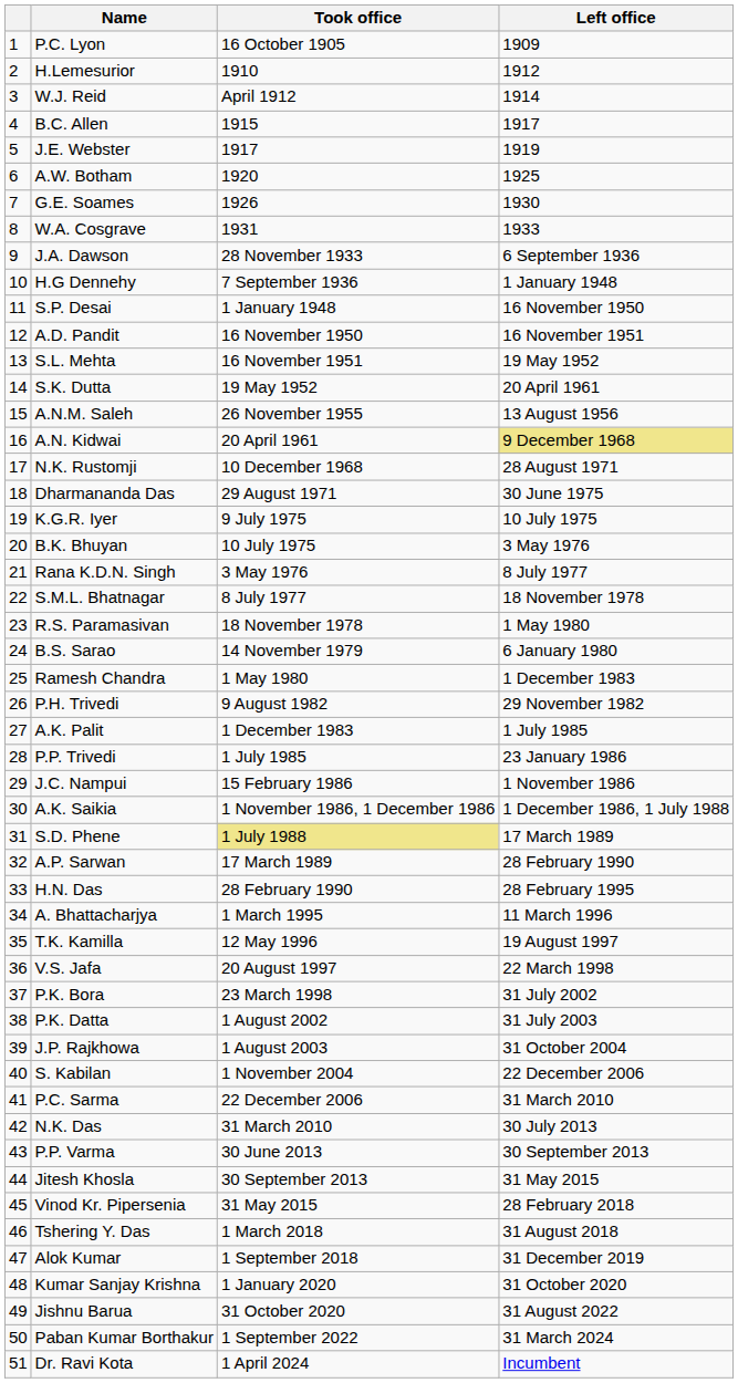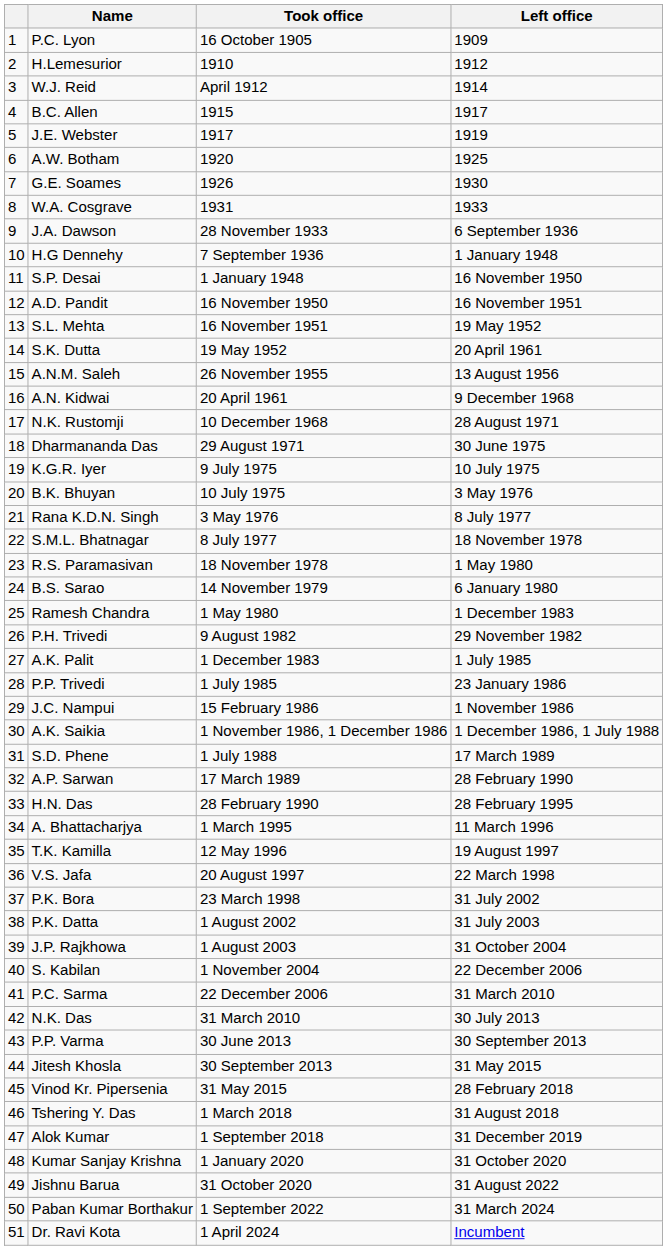 <table class="wikitable">
 <tr>
 <th></th>
 <th>Name</th>
 <th>Took office</th>
 <th>Left office</th>
 </tr>
 <tr>
 <td>1</td>
 <td>P.C. Lyon</td>
 <td>16 October 1905</td>
 <td>1909</td>
 </tr>
 <tr>
 <td>2</td>
 <td>H.Lemesurior</td>
 <td>1910</td>
 <td>1912</td>
 </tr>
 <tr>
 <td>3</td>
 <td>W.J. Reid</td>
 <td>April 1912</td>
 <td>1914</td>
 </tr>
 <tr>
 <td>4</td>
 <td>B.C. Allen</td>
 <td>1915</td>
 <td>1917</td>
 </tr>
 <tr>
 <td>5</td>
 <td>J.E. Webster</td>
 <td>1917</td>
 <td>1919</td>
 </tr>
 <tr>
 <td>6</td>
 <td>A.W. Botham</td>
 <td>1920</td>
 <td>1925</td>
 </tr>
 <tr>
 <td>7</td>
 <td>G.E. Soames</td>
 <td>1926</td>
 <td>1930</td>
 </tr>
 <tr>
 <td>8</td>
 <td>W.A. Cosgrave</td>
 <td>1931</td>
 <td>1933</td>
 </tr>
 <tr>
 <td>9</td>
 <td>J.A. Dawson</td>
 <td>28 November 1933</td>
 <td>6 September 1936</td>
 </tr>
 <tr>
 <td>10</td>
 <td>H.G Dennehy</td>
 <td>7 September 1936</td>
 <td>1 January 1948</td>
 </tr>
 <tr>
 <td>11</td>
 <td>S.P. Desai</td>
 <td>1 January 1948</td>
 <td>16 November 1950</td>
 </tr>
 <tr>
 <td>12</td>
 <td>A.D. Pandit</td>
 <td>16 November 1950</td>
 <td>16 November 1951</td>
 </tr>
 <tr>
 <td>13</td>
 <td>S.L. Mehta</td>
 <td>16 November 1951</td>
 <td>19 May 1952</td>
 </tr>
 <tr>
 <td>14</td>
 <td>S.K. Dutta</td>
 <td>19 May 1952</td>
 <td>20 April 1961</td>
 </tr>
 <tr>
 <td>15</td>
 <td>A.N.M. Saleh</td>
 <td>26 November 1955</td>
 <td>13 August 1956</td>
 </tr>
 <tr>
 <td>16</td>
 <td>A.N. Kidwai</td>
 <td>20 April 1961</td>
-<td style="background: khaki;">9 December 1968</td>
+<td>9 December 1968</td>
 </tr>
 <tr>
 <td>17</td>
 <td>N.K. Rustomji</td>
 <td>10 December 1968</td>
 <td>28 August 1971</td>
 </tr>
 <tr>
 <td>18</td>
 <td>Dharmananda Das</td>
 <td>29 August 1971</td>
 <td>30 June 1975</td>
 </tr>
 <tr>
 <td>19</td>
 <td>K.G.R. Iyer</td>
 <td>9 July 1975</td>
 <td>10 July 1975</td>
 </tr>
 <tr>
 <td>20</td>
 <td>B.K. Bhuyan</td>
 <td>10 July 1975</td>
 <td>3 May 1976</td>
 </tr>
 <tr>
 <td>21</td>
 <td>Rana K.D.N. Singh</td>
 <td>3 May 1976</td>
 <td>8 July 1977</td>
 </tr>
 <tr>
 <td>22</td>
 <td>S.M.L. Bhatnagar</td>
 <td>8 July 1977</td>
 <td>18 November 1978</td>
 </tr>
 <tr>
 <td>23</td>
 <td>R.S. Paramasivan</td>
 <td>18 November 1978</td>
 <td>1 May 1980</td>
 </tr>
 <tr>
 <td>24</td>
 <td>B.S. Sarao</td>
 <td>14 November 1979</td>
 <td>6 January 1980</td>
 </tr>
 <tr>
 <td>25</td>
 <td>Ramesh Chandra</td>
 <td>1 May 1980</td>
 <td>1 December 1983</td>
 </tr>
 <tr>
 <td>26</td>
 <td>P.H. Trivedi</td>
 <td>9 August 1982</td>
 <td>29 November 1982</td>
 </tr>
 <tr>
 <td>27</td>
 <td>A.K. Palit</td>
 <td>1 December 1983</td>
 <td>1 July 1985</td>
 </tr>
 <tr>
 <td>28</td>
 <td>P.P. Trivedi</td>
 <td>1 July 1985</td>
 <td>23 January 1986</td>
 </tr>
 <tr>
 <td>29</td>
 <td>J.C. Nampui</td>
 <td>15 February 1986</td>
 <td>1 November 1986</td>
 </tr>
 <tr>
 <td>30</td>
 <td>A.K. Saikia</td>
 <td>1 November 1986, 1 December 1986</td>
 <td>1 December 1986, 1 July 1988</td>
 </tr>
 <tr>
 <td>31</td>
 <td>S.D. Phene</td>
-<td style="background: khaki;">1 July 1988</td>
+<td>1 July 1988</td>
 <td>17 March 1989</td>
 </tr>
 <tr>
 <td>32</td>
 <td>A.P. Sarwan</td>
 <td>17 March 1989</td>
 <td>28 February 1990</td>
 </tr>
 <tr>
 <td>33</td>
 <td>H.N. Das</td>
 <td>28 February 1990</td>
 <td>28 February 1995</td>
 </tr>
 <tr>
 <td>34</td>
 <td>A. Bhattacharjya</td>
 <td>1 March 1995</td>
 <td>11 March 1996</td>
 </tr>
 <tr>
 <td>35</td>
 <td>T.K. Kamilla</td>
 <td>12 May 1996</td>
 <td>19 August 1997</td>
 </tr>
 <tr>
 <td>36</td>
 <td>V.S. Jafa</td>
 <td>20 August 1997</td>
 <td>22 March 1998</td>
 </tr>
 <tr>
 <td>37</td>
 <td>P.K. Bora</td>
 <td>23 March 1998</td>
 <td>31 July 2002</td>
 </tr>
 <tr>
 <td>38</td>
 <td>P.K. Datta</td>
 <td>1 August 2002</td>
 <td>31 July 2003</td>
 </tr>
 <tr>
 <td>39</td>
 <td>J.P. Rajkhowa</td>
 <td>1 August 2003</td>
 <td>31 October 2004</td>
 </tr>
 <tr>
 <td>40</td>
 <td>S. Kabilan</td>
 <td>1 November 2004</td>
 <td>22 December 2006</td>
 </tr>
 <tr>
 <td>41</td>
 <td>P.C. Sarma</td>
 <td>22 December 2006</td>
 <td>31 March 2010</td>
 </tr>
 <tr>
 <td>42</td>
 <td>N.K. Das</td>
 <td>31 March 2010</td>
 <td>30 July 2013</td>
 </tr>
 <tr>
 <td>43</td>
 <td>P.P. Varma</td>
 <td>30 June 2013</td>
 <td>30 September 2013</td>
 </tr>
 <tr>
 <td>44</td>
 <td>Jitesh Khosla</td>
 <td>30 September 2013</td>
 <td>31 May 2015</td>
 </tr>
 <tr>
 <td>45</td>
 <td>Vinod Kr. Pipersenia</td>
 <td>31 May 2015</td>
 <td>28 February 2018</td>
 </tr>
 <tr>
 <td>46</td>
 <td>Tshering Y. Das</td>
 <td>1 March 2018</td>
 <td>31 August 2018</td>
 </tr>
 <tr>
 <td>47</td>
 <td>Alok Kumar</td>
 <td>1 September 2018</td>
 <td>31 December 2019</td>
 </tr>
 <tr>
 <td>48</td>
 <td>Kumar Sanjay Krishna</td>
 <td>1 January 2020</td>
 <td>31 October 2020</td>
 </tr>
 <tr>
 <td>49</td>
 <td>Jishnu Barua</td>
 <td>31 October 2020</td>
 <td>31 August 2022</td>
 </tr>
 <tr>
 <td>50</td>
 <td>Paban Kumar Borthakur</td>
 <td>1 September 2022</td>
 <td>31 March 2024</td>
 </tr>
 <tr>
 <td>51</td>
 <td>Dr. Ravi Kota</td>
 <td>1 April 2024</td>
 <td><a href='#'>Incumbent</a></td>
 </tr>
 </table>
